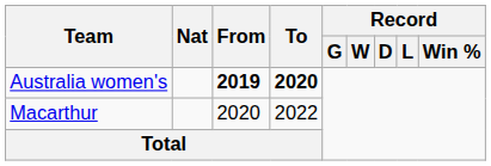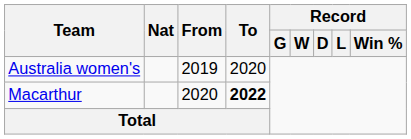 <table class="wikitable" style="text-align: center">
 <tr>
 <th rowspan="2">Team</th>
 <th rowspan="2">Nat</th>
 <th rowspan="2">From</th>
 <th rowspan="2">To</th>
 <th colspan="5">Record</th>
 </tr>
 <tr>
 <th>G</th>
 <th>W</th>
 <th>D</th>
 <th>L</th>
 <th>Win %</th>
 </tr>
 <tr>
 <td align=left><a href='#'>Australia women's</a></td>
 <td></td>
-<td align=left><strong>2019</strong></td>
-<td align=left><strong>2020<br></strong></td>
+<td align=left>2019</td>
+<td align=left>2020<br></td>
 </tr>
 <tr>
 <td align=left><a href='#'>Macarthur</a></td>
 <td></td>
 <td align=left>2020</td>
-<td align=left>2022<br></td>
+<td align=left><strong>2022<br></strong></td>
 </tr>
 <tr>
 <th colspan="4">Total<br></th>
 </tr>
 </table>
